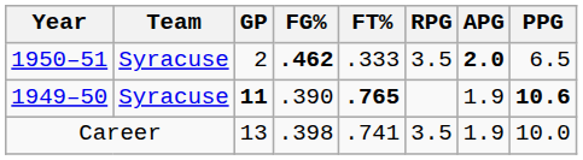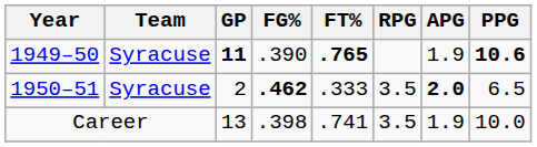 <table class="wikitable sortable" style="font-size:95%; text-align:right;">
 <tr>
 <th>Year</th>
 <th>Team</th>
 <th>GP</th>
 <th>FG%</th>
 <th>FT%</th>
 <th>RPG</th>
 <th>APG</th>
 <th>PPG</th>
 </tr>
 <tr>
+<td style="text-align:left;"><a href='#'>1949–50</a></td>
+<td style="text-align:left;"><a href='#'>Syracuse</a></td>
+<td><strong>11</strong></td>
+<td>.390</td>
+<td><strong>.765</strong></td>
+<td></td>
+<td>1.9</td>
+<td><strong>10.6</strong></td>
+</tr>
+<tr>
 <td style="text-align:left;"><a href='#'>1950–51</a></td>
 <td style="text-align:left;"><a href='#'>Syracuse</a></td>
 <td>2</td>
 <td><strong>.462</strong></td>
 <td>.333</td>
 <td>3.5</td>
 <td><strong>2.0</strong></td>
 <td>6.5</td>
-</tr>
-<tr>
-<td style="text-align:left;"><a href='#'>1949–50</a></td>
-<td style="text-align:left;"><a href='#'>Syracuse</a></td>
-<td><strong>11</strong></td>
-<td>.390</td>
-<td><strong>.765</strong></td>
-<td></td>
-<td>1.9</td>
-<td><strong>10.6</strong></td>
 </tr>
 <tr>
 <td colspan="2" style="text-align:center;">Career</td>
 <td>13</td>
 <td>.398</td>
 <td>.741</td>
 <td>3.5</td>
 <td>1.9</td>
 <td>10.0</td>
 </tr>
 </table>
